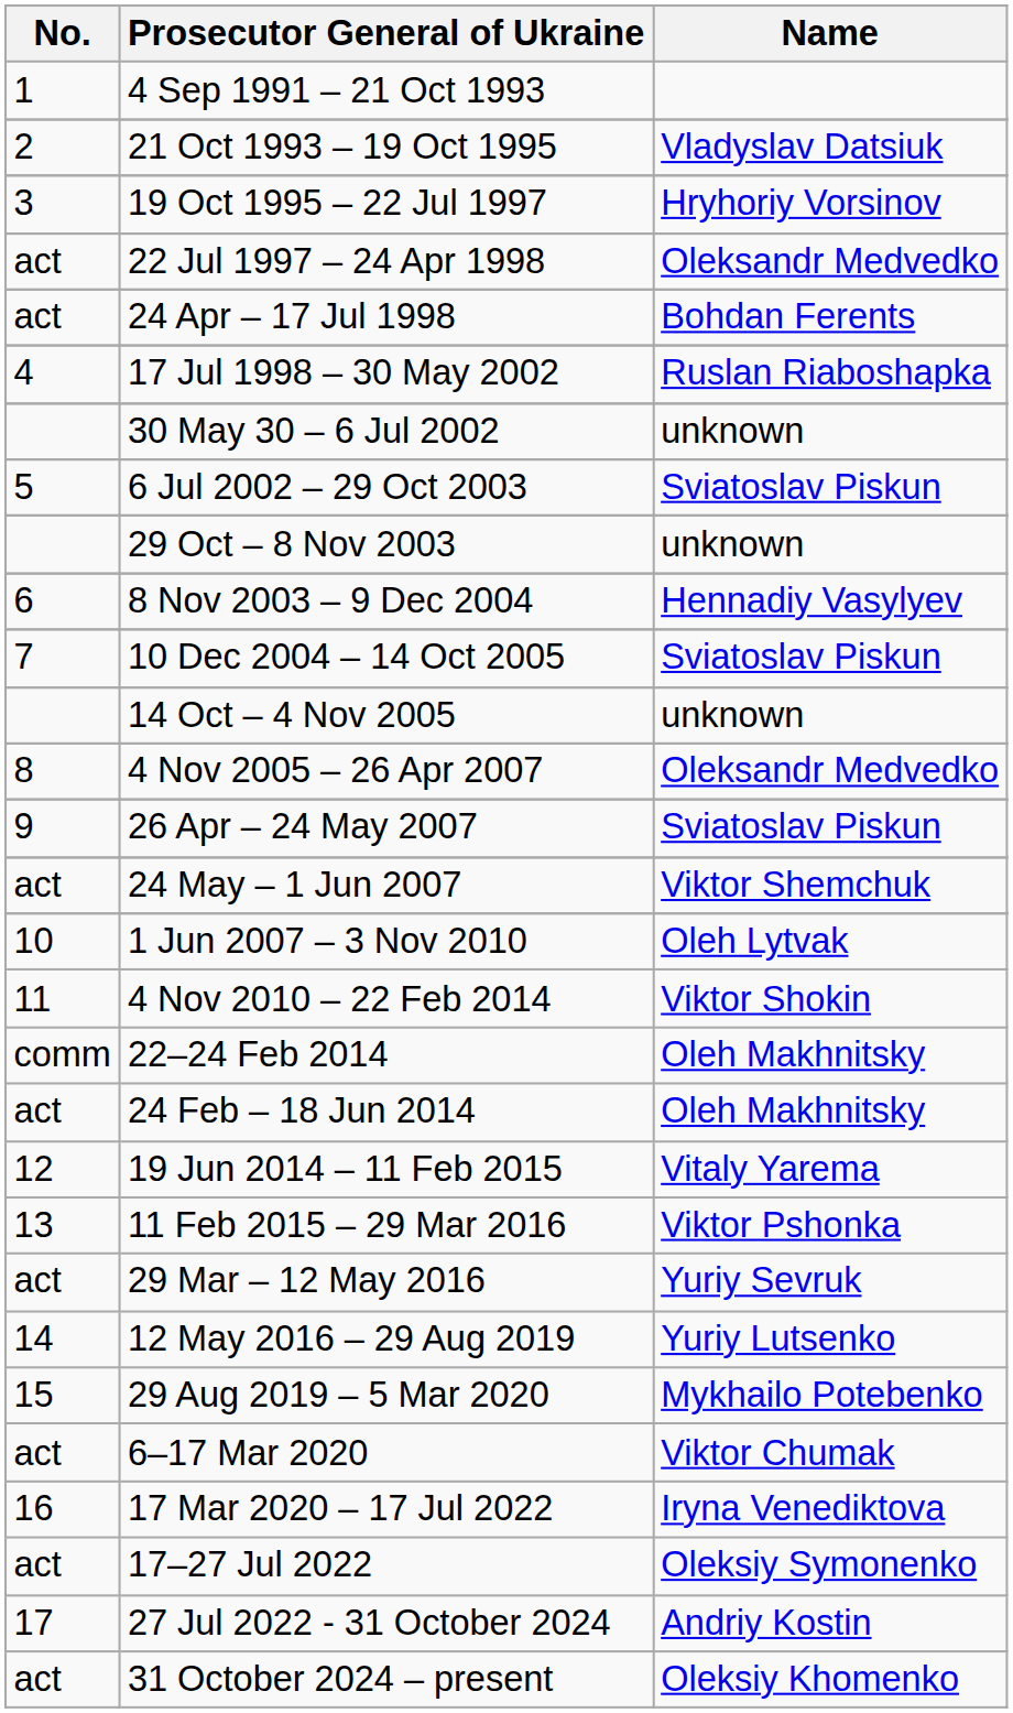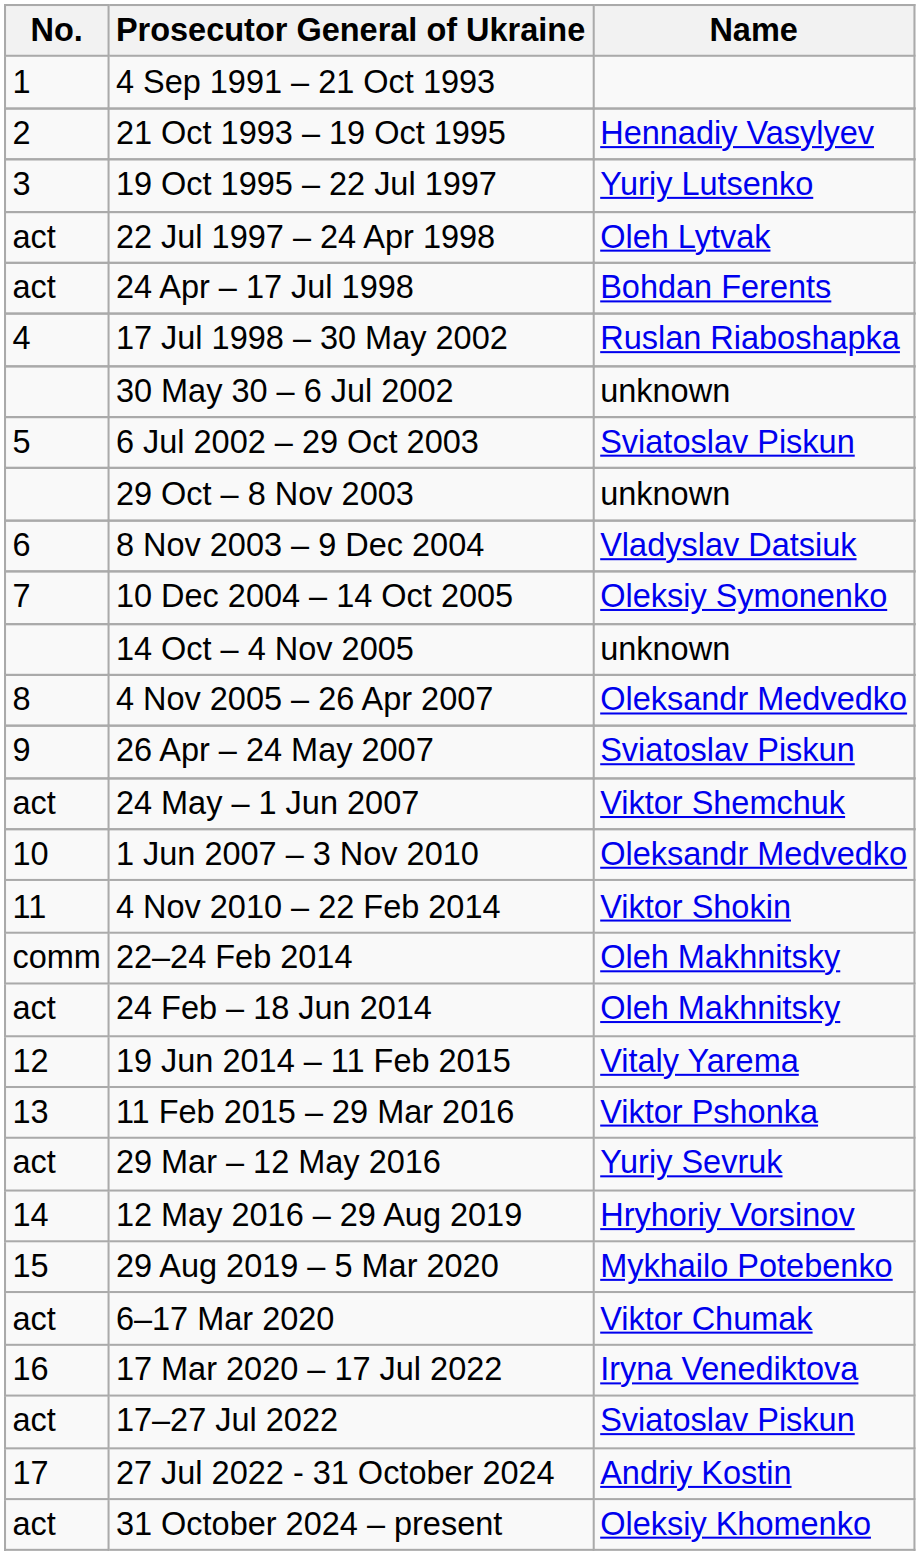 <table class="wikitable">
 <tr>
 <th>No.</th>
 <th>Prosecutor General of Ukraine</th>
 <th>Name</th>
 </tr>
 <tr>
 <td>1</td>
 <td>4 Sep 1991 – 21 Oct 1993</td>
 <td></td>
 </tr>
 <tr>
 </tr>
 <tr>
 <td>2</td>
 <td>21 Oct 1993 – 19 Oct 1995</td>
-<td><a href='#'>Vladyslav Datsiuk</a></td>
+<td><a href='#'>Hennadiy Vasylyev</a></td>
 </tr>
 <tr>
 </tr>
 <tr>
 <td>3</td>
 <td>19 Oct 1995 – 22 Jul 1997</td>
-<td><a href='#'>Hryhoriy Vorsinov</a></td>
+<td><a href='#'>Yuriy Lutsenko</a></td>
 </tr>
 <tr>
 </tr>
 <tr>
 <td>act</td>
 <td>22 Jul 1997 – 24 Apr 1998</td>
-<td><a href='#'>Oleksandr Medvedko</a></td>
+<td><a href='#'>Oleh Lytvak</a></td>
 </tr>
 <tr>
 </tr>
 <tr>
 <td>act</td>
 <td>24 Apr – 17 Jul 1998</td>
 <td><a href='#'>Bohdan Ferents</a></td>
 </tr>
 <tr>
 </tr>
 <tr>
 <td>4</td>
 <td>17 Jul 1998 – 30 May 2002</td>
 <td><a href='#'>Ruslan Riaboshapka</a></td>
 </tr>
 <tr>
 </tr>
 <tr>
 <td></td>
 <td>30 May 30 – 6 Jul 2002</td>
 <td>unknown</td>
 </tr>
 <tr>
 </tr>
 <tr>
 <td>5</td>
 <td>6 Jul 2002 – 29 Oct 2003</td>
 <td><a href='#'>Sviatoslav Piskun</a></td>
 </tr>
 <tr>
 </tr>
 <tr>
 <td></td>
 <td>29 Oct – 8 Nov 2003</td>
 <td>unknown</td>
 </tr>
 <tr>
 </tr>
 <tr>
 <td>6</td>
 <td>8 Nov 2003 – 9 Dec 2004</td>
-<td><a href='#'>Hennadiy Vasylyev</a></td>
+<td><a href='#'>Vladyslav Datsiuk</a></td>
 </tr>
 <tr>
 </tr>
 <tr>
 <td>7</td>
 <td>10 Dec 2004 – 14 Oct 2005</td>
-<td><a href='#'>Sviatoslav Piskun</a></td>
+<td><a href='#'>Oleksiy Symonenko</a></td>
 </tr>
 <tr>
 </tr>
 <tr>
 <td></td>
 <td>14 Oct – 4 Nov 2005</td>
 <td>unknown</td>
 </tr>
 <tr>
 </tr>
 <tr>
 <td>8</td>
 <td>4 Nov 2005 – 26 Apr 2007</td>
 <td><a href='#'>Oleksandr Medvedko</a></td>
 </tr>
 <tr>
 </tr>
 <tr>
 <td>9</td>
 <td>26 Apr – 24 May 2007</td>
 <td><a href='#'>Sviatoslav Piskun</a></td>
 </tr>
 <tr>
 </tr>
 <tr>
 <td>act</td>
 <td>24 May – 1 Jun 2007</td>
 <td><a href='#'>Viktor Shemchuk</a></td>
 </tr>
 <tr>
 </tr>
 <tr>
 <td>10</td>
 <td>1 Jun 2007 – 3 Nov 2010</td>
-<td><a href='#'>Oleh Lytvak</a></td>
+<td><a href='#'>Oleksandr Medvedko</a></td>
 </tr>
 <tr>
 <td>11</td>
 <td>4 Nov 2010 – 22 Feb 2014</td>
 <td><a href='#'>Viktor Shokin</a></td>
 </tr>
 <tr>
 <td>comm</td>
 <td>22–24 Feb 2014</td>
 <td><a href='#'>Oleh Makhnitsky</a></td>
 </tr>
 <tr>
 <td>act</td>
 <td>24 Feb – 18 Jun 2014</td>
 <td><a href='#'>Oleh Makhnitsky</a></td>
 </tr>
 <tr>
 <td>12</td>
 <td>19 Jun 2014 – 11 Feb 2015</td>
 <td><a href='#'>Vitaly Yarema</a></td>
 </tr>
 <tr>
 <td>13</td>
 <td>11 Feb 2015 – 29 Mar 2016</td>
 <td><a href='#'>Viktor Pshonka</a></td>
 </tr>
 <tr>
 <td>act</td>
 <td>29 Mar – 12 May 2016</td>
 <td><a href='#'>Yuriy Sevruk</a></td>
 </tr>
 <tr>
 <td>14</td>
 <td>12 May 2016 – 29 Aug 2019</td>
-<td><a href='#'>Yuriy Lutsenko</a></td>
+<td><a href='#'>Hryhoriy Vorsinov</a></td>
 </tr>
 <tr>
 <td>15</td>
 <td>29 Aug 2019 – 5 Mar 2020</td>
 <td><a href='#'>Mykhailo Potebenko</a></td>
 </tr>
 <tr>
 <td>act</td>
 <td>6–17 Mar 2020</td>
 <td><a href='#'>Viktor Chumak</a></td>
 </tr>
 <tr>
 <td>16</td>
 <td>17 Mar 2020 – 17 Jul 2022</td>
 <td><a href='#'>Iryna Venediktova</a></td>
 </tr>
 <tr>
 <td>act</td>
 <td>17–27 Jul 2022</td>
-<td><a href='#'>Oleksiy Symonenko</a></td>
+<td><a href='#'>Sviatoslav Piskun</a></td>
 </tr>
 <tr>
 <td>17</td>
 <td>27 Jul 2022 - 31 October 2024</td>
 <td><a href='#'>Andriy Kostin</a></td>
 </tr>
 <tr>
 <td>act</td>
 <td>31 October 2024 – present</td>
 <td><a href='#'>Oleksiy Khomenko</a></td>
 </tr>
 </table>
